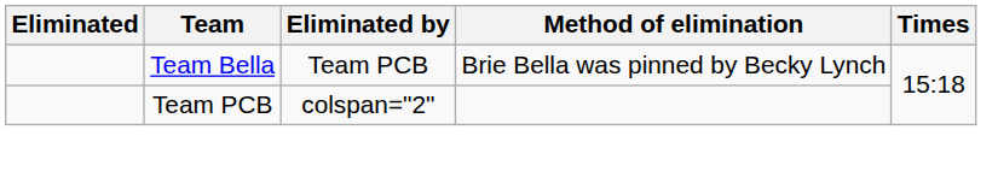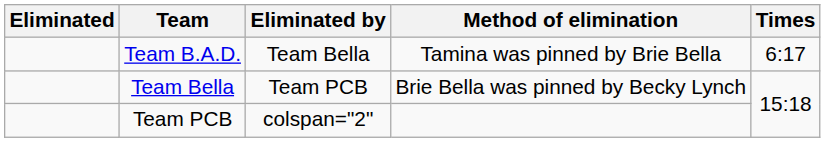 <table class="wikitable sortable" style="text-align:center;">
 <tr>
 <th>Eliminated</th>
 <th>Team</th>
 <th>Eliminated by</th>
 <th>Method of elimination</th>
 <th>Times</th>
+</tr>
+<tr>
+<td></td>
+<td><a href='#'>Team B.A.D.</a></td>
+<td>Team Bella</td>
+<td>Tamina was pinned by Brie Bella</td>
+<td>6:17</td>
 </tr>
 <tr>
 <td></td>
 <td><a href='#'>Team Bella</a></td>
 <td>Team PCB</td>
 <td>Brie Bella was pinned by Becky Lynch</td>
 <td rowspan="2">15:18</td>
 </tr>
 <tr>
 <td></td>
 <td>Team PCB</td>
 <td>colspan="2" </td>
 </tr>
 </table>
